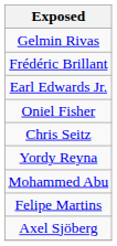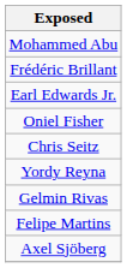 <table class="wikitable" style="text-align:center">
 <tr>
 <th>Exposed</th>
 </tr>
 <tr>
-<td><a href='#'>Gelmin Rivas</a></td>
+<td><a href='#'>Mohammed Abu</a></td>
 </tr>
 <tr>
 <td><a href='#'>Frédéric Brillant</a></td>
 </tr>
 <tr>
 <td><a href='#'>Earl Edwards Jr.</a></td>
 </tr>
 <tr>
 <td><a href='#'>Oniel Fisher</a></td>
 </tr>
 <tr>
 <td><a href='#'>Chris Seitz</a></td>
 </tr>
 <tr>
 <td><a href='#'>Yordy Reyna</a></td>
 </tr>
 <tr>
-<td><a href='#'>Mohammed Abu</a></td>
+<td><a href='#'>Gelmin Rivas</a></td>
 </tr>
 <tr>
 <td><a href='#'>Felipe Martins</a></td>
 </tr>
 <tr>
 <td><a href='#'>Axel Sjöberg</a></td>
 </tr>
 <tr>
 </tr>
 </table>
